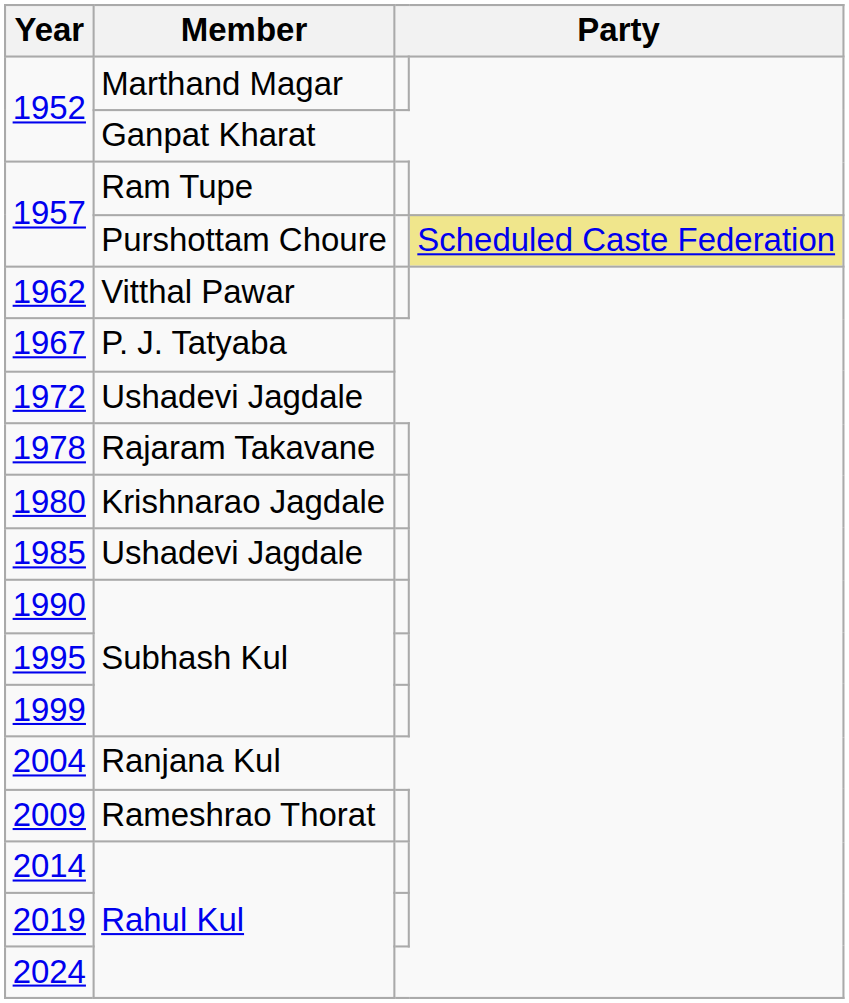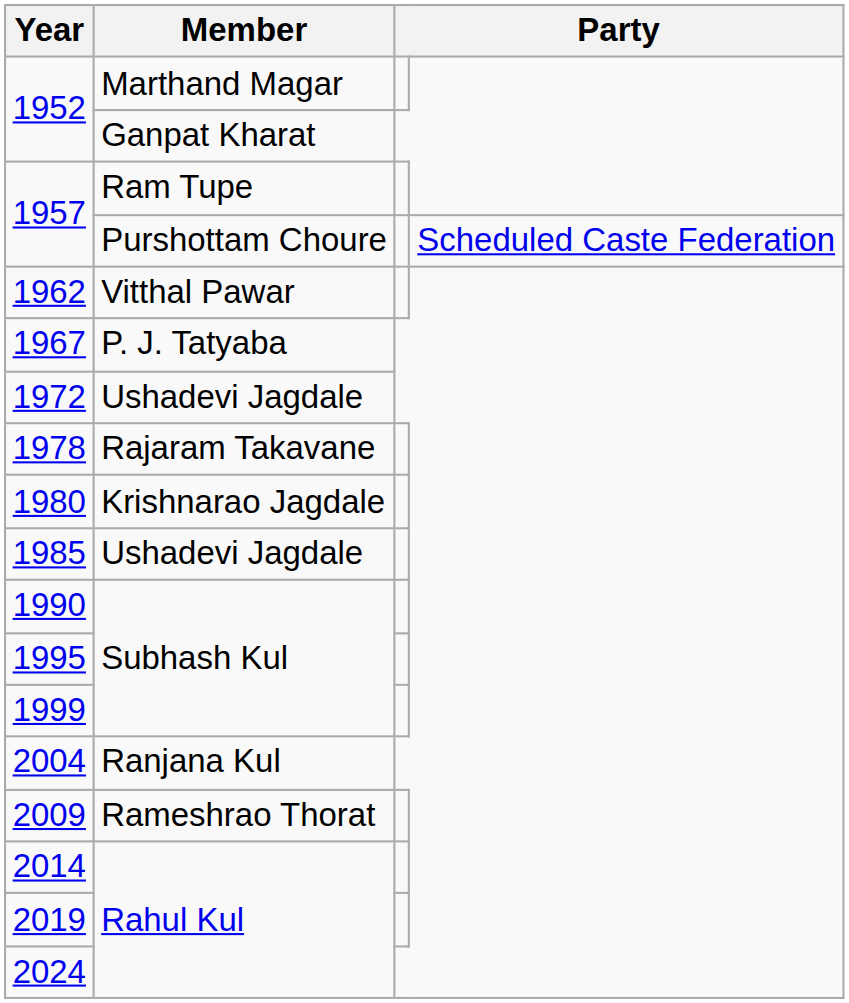 <table class="wikitable">
 <tr>
 <th>Year</th>
 <th>Member</th>
 <th colspan="2">Party</th>
 </tr>
 <tr>
 <td rowspan="2"><a href='#'>1952</a></td>
 <td>Marthand Magar</td>
 <td></td>
 </tr>
 <tr>
 <td>Ganpat Kharat</td>
 </tr>
 <tr>
 <td rowspan="2"><a href='#'>1957</a></td>
 <td>Ram Tupe</td>
 <td></td>
 </tr>
 <tr>
 <td>Purshottam Choure</td>
 <td style="background-color: "></td>
-<td style="background: khaki;"><a href='#'>Scheduled Caste Federation</a></td>
+<td><a href='#'>Scheduled Caste Federation</a></td>
 </tr>
 <tr>
 <td><a href='#'>1962</a></td>
 <td>Vitthal Pawar</td>
 <td></td>
 </tr>
 <tr>
 <td><a href='#'>1967</a></td>
 <td>P. J. Tatyaba</td>
 </tr>
 <tr>
 <td><a href='#'>1972</a></td>
 <td>Ushadevi Jagdale</td>
 </tr>
 <tr>
 <td><a href='#'>1978</a></td>
 <td>Rajaram Takavane</td>
 <td></td>
 </tr>
 <tr>
 <td><a href='#'>1980</a></td>
 <td>Krishnarao Jagdale</td>
 <td></td>
 </tr>
 <tr>
 <td><a href='#'>1985</a></td>
 <td>Ushadevi Jagdale</td>
 <td></td>
 </tr>
 <tr>
 <td><a href='#'>1990</a></td>
 <td rowspan="3">Subhash Kul</td>
 <td></td>
 </tr>
 <tr>
 <td><a href='#'>1995</a></td>
 <td></td>
 </tr>
 <tr>
 <td><a href='#'>1999</a></td>
 <td></td>
 </tr>
 <tr>
 <td><a href='#'>2004</a></td>
 <td>Ranjana Kul</td>
 </tr>
 <tr>
 <td><a href='#'>2009</a></td>
 <td>Rameshrao Thorat</td>
 <td></td>
 </tr>
 <tr>
 <td><a href='#'>2014</a></td>
 <td rowspan="3"><a href='#'>Rahul Kul</a></td>
 <td></td>
 </tr>
 <tr>
 <td><a href='#'>2019</a></td>
 <td></td>
 </tr>
 <tr>
 <td><a href='#'>2024</a></td>
 </tr>
 </table>
